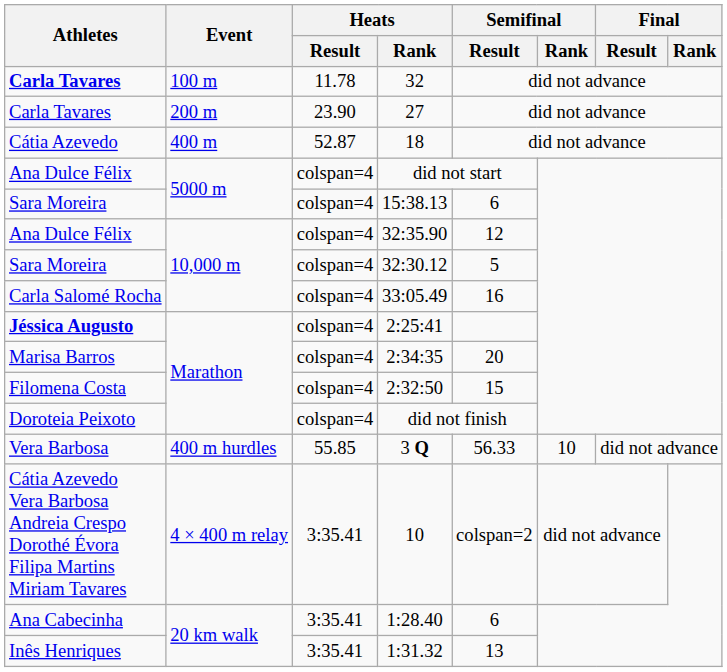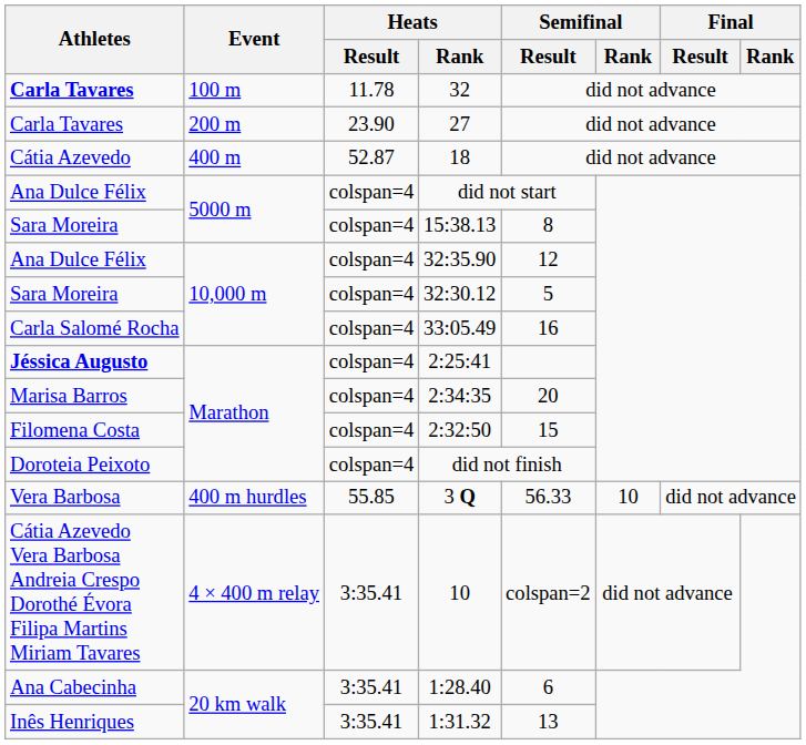 <table class="wikitable" border="1" style="font-size:90%">
 <tr>
 <th rowspan="2">Athletes</th>
 <th rowspan="2">Event</th>
 <th colspan="2">Heats</th>
 <th colspan="2">Semifinal</th>
 <th colspan="2">Final</th>
 </tr>
 <tr>
 <th>Result</th>
 <th>Rank</th>
 <th>Result</th>
 <th>Rank</th>
 <th>Result</th>
 <th>Rank</th>
 </tr>
 <tr>
 <td><strong><a href='#'>Carla Tavares</a></strong></td>
 <td><a href='#'>100 m</a></td>
 <td align=center>11.78</td>
 <td align=center>32</td>
 <td align=center colspan=4>did not advance</td>
 </tr>
 <tr>
 <td><a href='#'>Carla Tavares</a></td>
 <td><a href='#'>200 m</a></td>
 <td align=center>23.90</td>
 <td align=center>27</td>
 <td align=center colspan=4>did not advance</td>
 </tr>
 <tr>
 <td><a href='#'>Cátia Azevedo</a></td>
 <td><a href='#'>400 m</a></td>
 <td align=center>52.87</td>
 <td align=center>18</td>
 <td align=center colspan=4>did not advance</td>
 </tr>
 <tr>
 <td><a href='#'>Ana Dulce Félix</a></td>
 <td rowspan=2><a href='#'>5000 m</a></td>
 <td>colspan=4 </td>
 <td align=center colspan=2>did not start</td>
 </tr>
 <tr>
 <td><a href='#'>Sara Moreira</a></td>
 <td>colspan=4 </td>
 <td align=center>15:38.13</td>
-<td align=center>6</td>
+<td align=center>8</td>
 </tr>
 <tr>
 <td><a href='#'>Ana Dulce Félix</a></td>
 <td rowspan=3><a href='#'>10,000 m</a></td>
 <td>colspan=4 </td>
 <td align=center>32:35.90</td>
 <td align=center>12</td>
 </tr>
 <tr>
 <td><a href='#'>Sara Moreira</a></td>
 <td>colspan=4 </td>
 <td align=center>32:30.12</td>
 <td align=center>5</td>
 </tr>
 <tr>
 <td><a href='#'>Carla Salomé Rocha</a></td>
 <td>colspan=4 </td>
 <td align=center>33:05.49</td>
 <td align=center>16</td>
 </tr>
 <tr>
 <td><strong><a href='#'>Jéssica Augusto</a></strong></td>
 <td rowspan=4><a href='#'>Marathon</a></td>
 <td>colspan=4 </td>
 <td align=center>2:25:41</td>
 <td align=center></td>
 </tr>
 <tr>
 <td><a href='#'>Marisa Barros</a></td>
 <td>colspan=4 </td>
 <td align=center>2:34:35</td>
 <td align=center>20</td>
 </tr>
 <tr>
 <td><a href='#'>Filomena Costa</a></td>
 <td>colspan=4 </td>
 <td align=center>2:32:50</td>
 <td align=center>15</td>
 </tr>
 <tr>
 <td><a href='#'>Doroteia Peixoto</a></td>
 <td>colspan=4 </td>
 <td align=center colspan=2>did not finish</td>
 </tr>
 <tr>
 <td><a href='#'>Vera Barbosa</a></td>
 <td><a href='#'>400 m hurdles</a></td>
 <td align=center>55.85</td>
 <td align=center>3 <strong>Q</strong></td>
 <td align=center>56.33</td>
 <td align=center>10</td>
 <td align=center colspan=2>did not advance</td>
 </tr>
 <tr>
 <td><a href='#'>Cátia Azevedo</a><br><a href='#'>Vera Barbosa</a><br><a href='#'>Andreia Crespo</a><br><a href='#'>Dorothé Évora</a><br><a href='#'>Filipa Martins</a><br><a href='#'>Miriam Tavares</a></td>
 <td><a href='#'>4 × 400 m relay</a></td>
 <td align=center>3:35.41</td>
 <td align=center>10</td>
 <td>colspan=2 </td>
 <td align=center colspan=2>did not advance</td>
 </tr>
 <tr>
 <td><a href='#'>Ana Cabecinha</a></td>
 <td rowspan=2><a href='#'>20 km walk</a></td>
 <td align=center>3:35.41</td>
 <td align=center>1:28.40</td>
 <td align=center>6</td>
 </tr>
 <tr>
 <td><a href='#'>Inês Henriques</a></td>
 <td align=center>3:35.41</td>
 <td align=center>1:31.32</td>
 <td align=center>13</td>
 </tr>
 </table>
